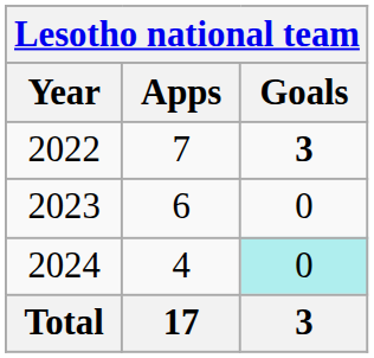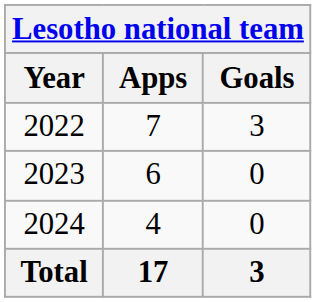 <table class="wikitable" style="text-align:center">
 <tr>
 <th colspan=3><a href='#'>Lesotho national team</a></th>
 </tr>
 <tr>
 <th>Year</th>
 <th>Apps</th>
 <th>Goals</th>
 </tr>
 <tr>
 <td>2022</td>
 <td>7</td>
-<td><strong>3</strong></td>
+<td>3</td>
 </tr>
 <tr>
 <td>2023</td>
 <td>6</td>
 <td>0</td>
 </tr>
 <tr>
 <td>2024</td>
 <td>4</td>
-<td style="background: paleturquoise;">0</td>
+<td>0</td>
 </tr>
 <tr>
 <th>Total</th>
 <th>17</th>
 <th>3</th>
 </tr>
 </table>
